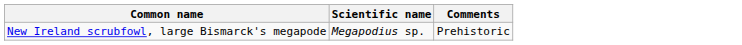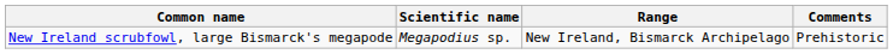 <table class="wikitable">
 <tr>
 <th>Common name</th>
 <th>Scientific name</th>
+<th>Range</th>
 <th class="unsortable">Comments</th>
 </tr>
 <tr>
 <td><a href='#'>New Ireland scrubfowl</a>, large Bismarck's megapode</td>
 <td><em>Megapodius</em> sp.</td>
+<td>New Ireland, Bismarck Archipelago</td>
 <td>Prehistoric</td>
 </tr>
 </table>
